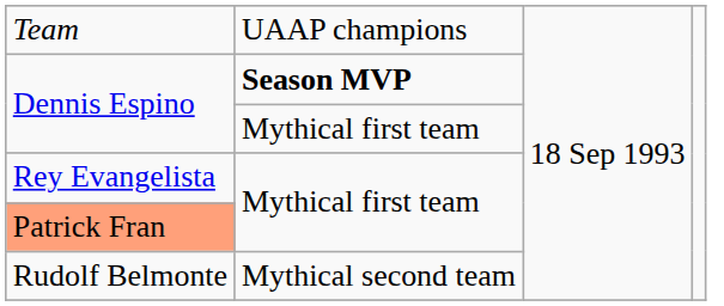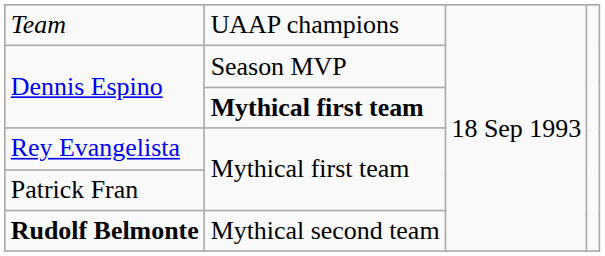 <table class=wikitable>
 <tr>
 <td><em>Team</em></td>
 <td>UAAP champions</td>
 <td align=right rowspan=6>18 Sep 1993</td>
 <td align=center rowspan=6></td>
 </tr>
 <tr>
 <td rowspan=2><a href='#'>Dennis Espino</a></td>
-<td><strong>Season MVP</strong></td>
+<td>Season MVP</td>
 </tr>
 <tr>
-<td>Mythical first team</td>
+<td><strong>Mythical first team</strong></td>
 </tr>
 <tr>
 <td><a href='#'>Rey Evangelista</a></td>
 <td rowspan=2>Mythical first team</td>
 </tr>
 <tr>
-<td style="background: lightsalmon;">Patrick Fran</td>
+<td>Patrick Fran</td>
 </tr>
 <tr>
-<td>Rudolf Belmonte</td>
+<td><strong>Rudolf Belmonte</strong></td>
 <td>Mythical second team</td>
 </tr>
 </table>
